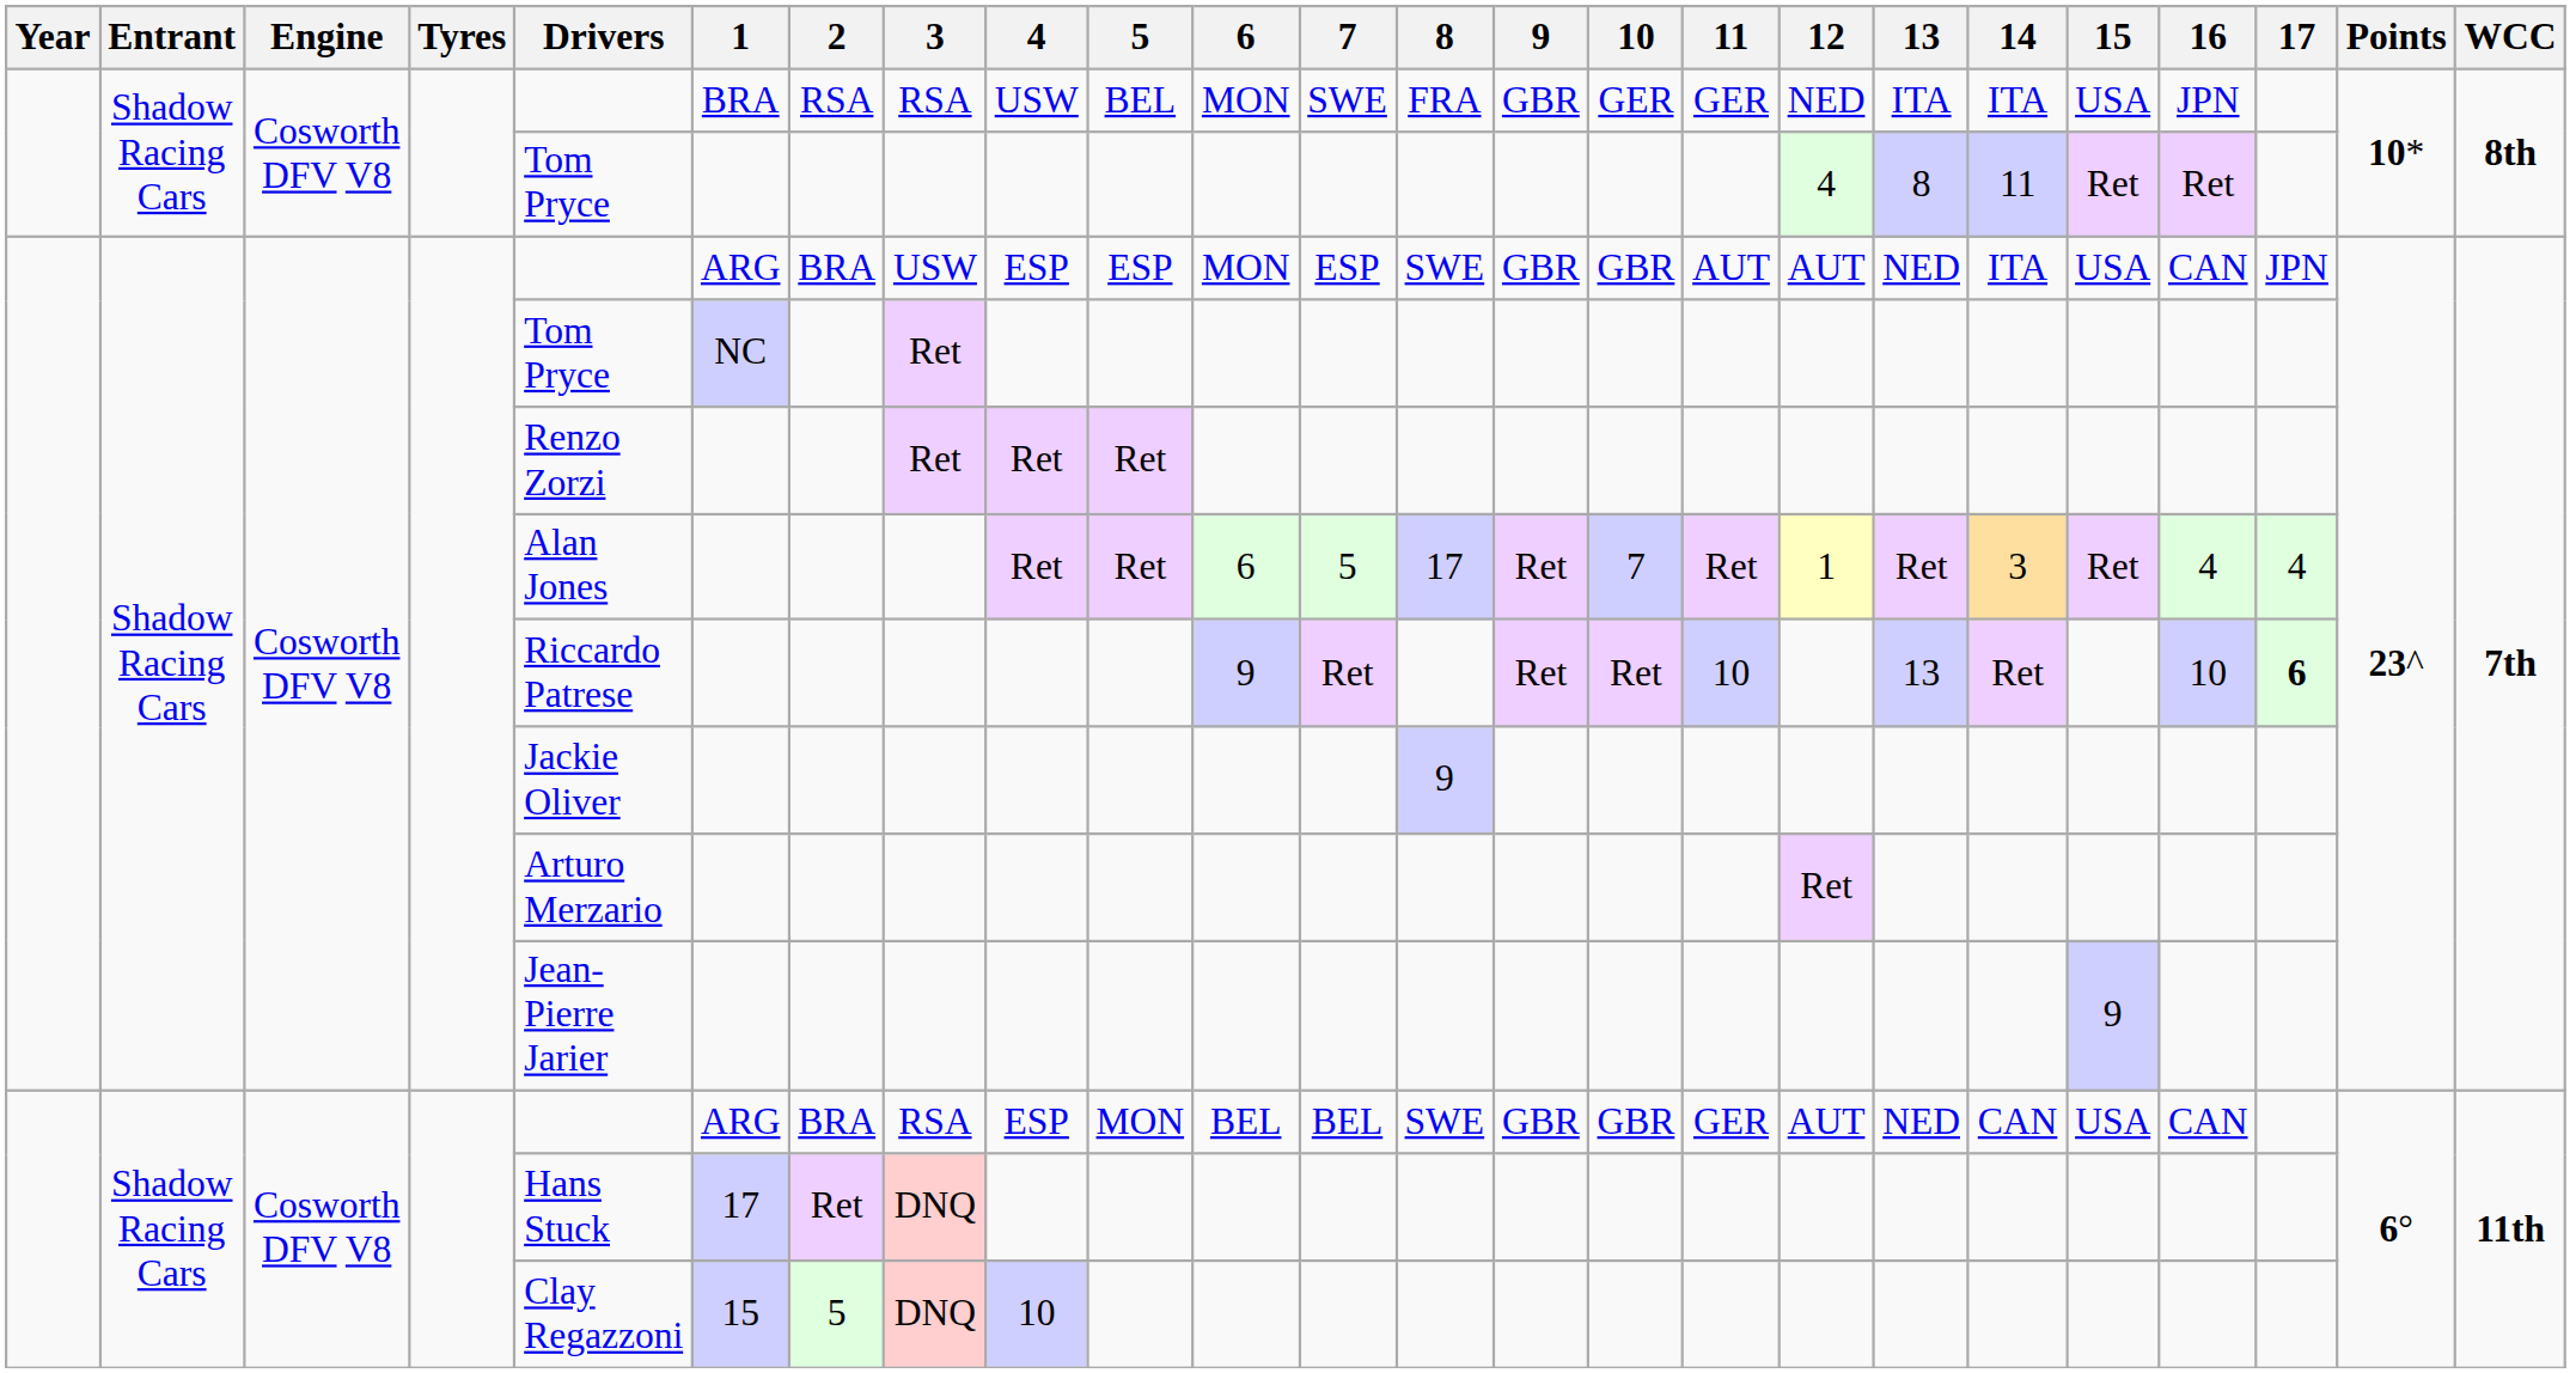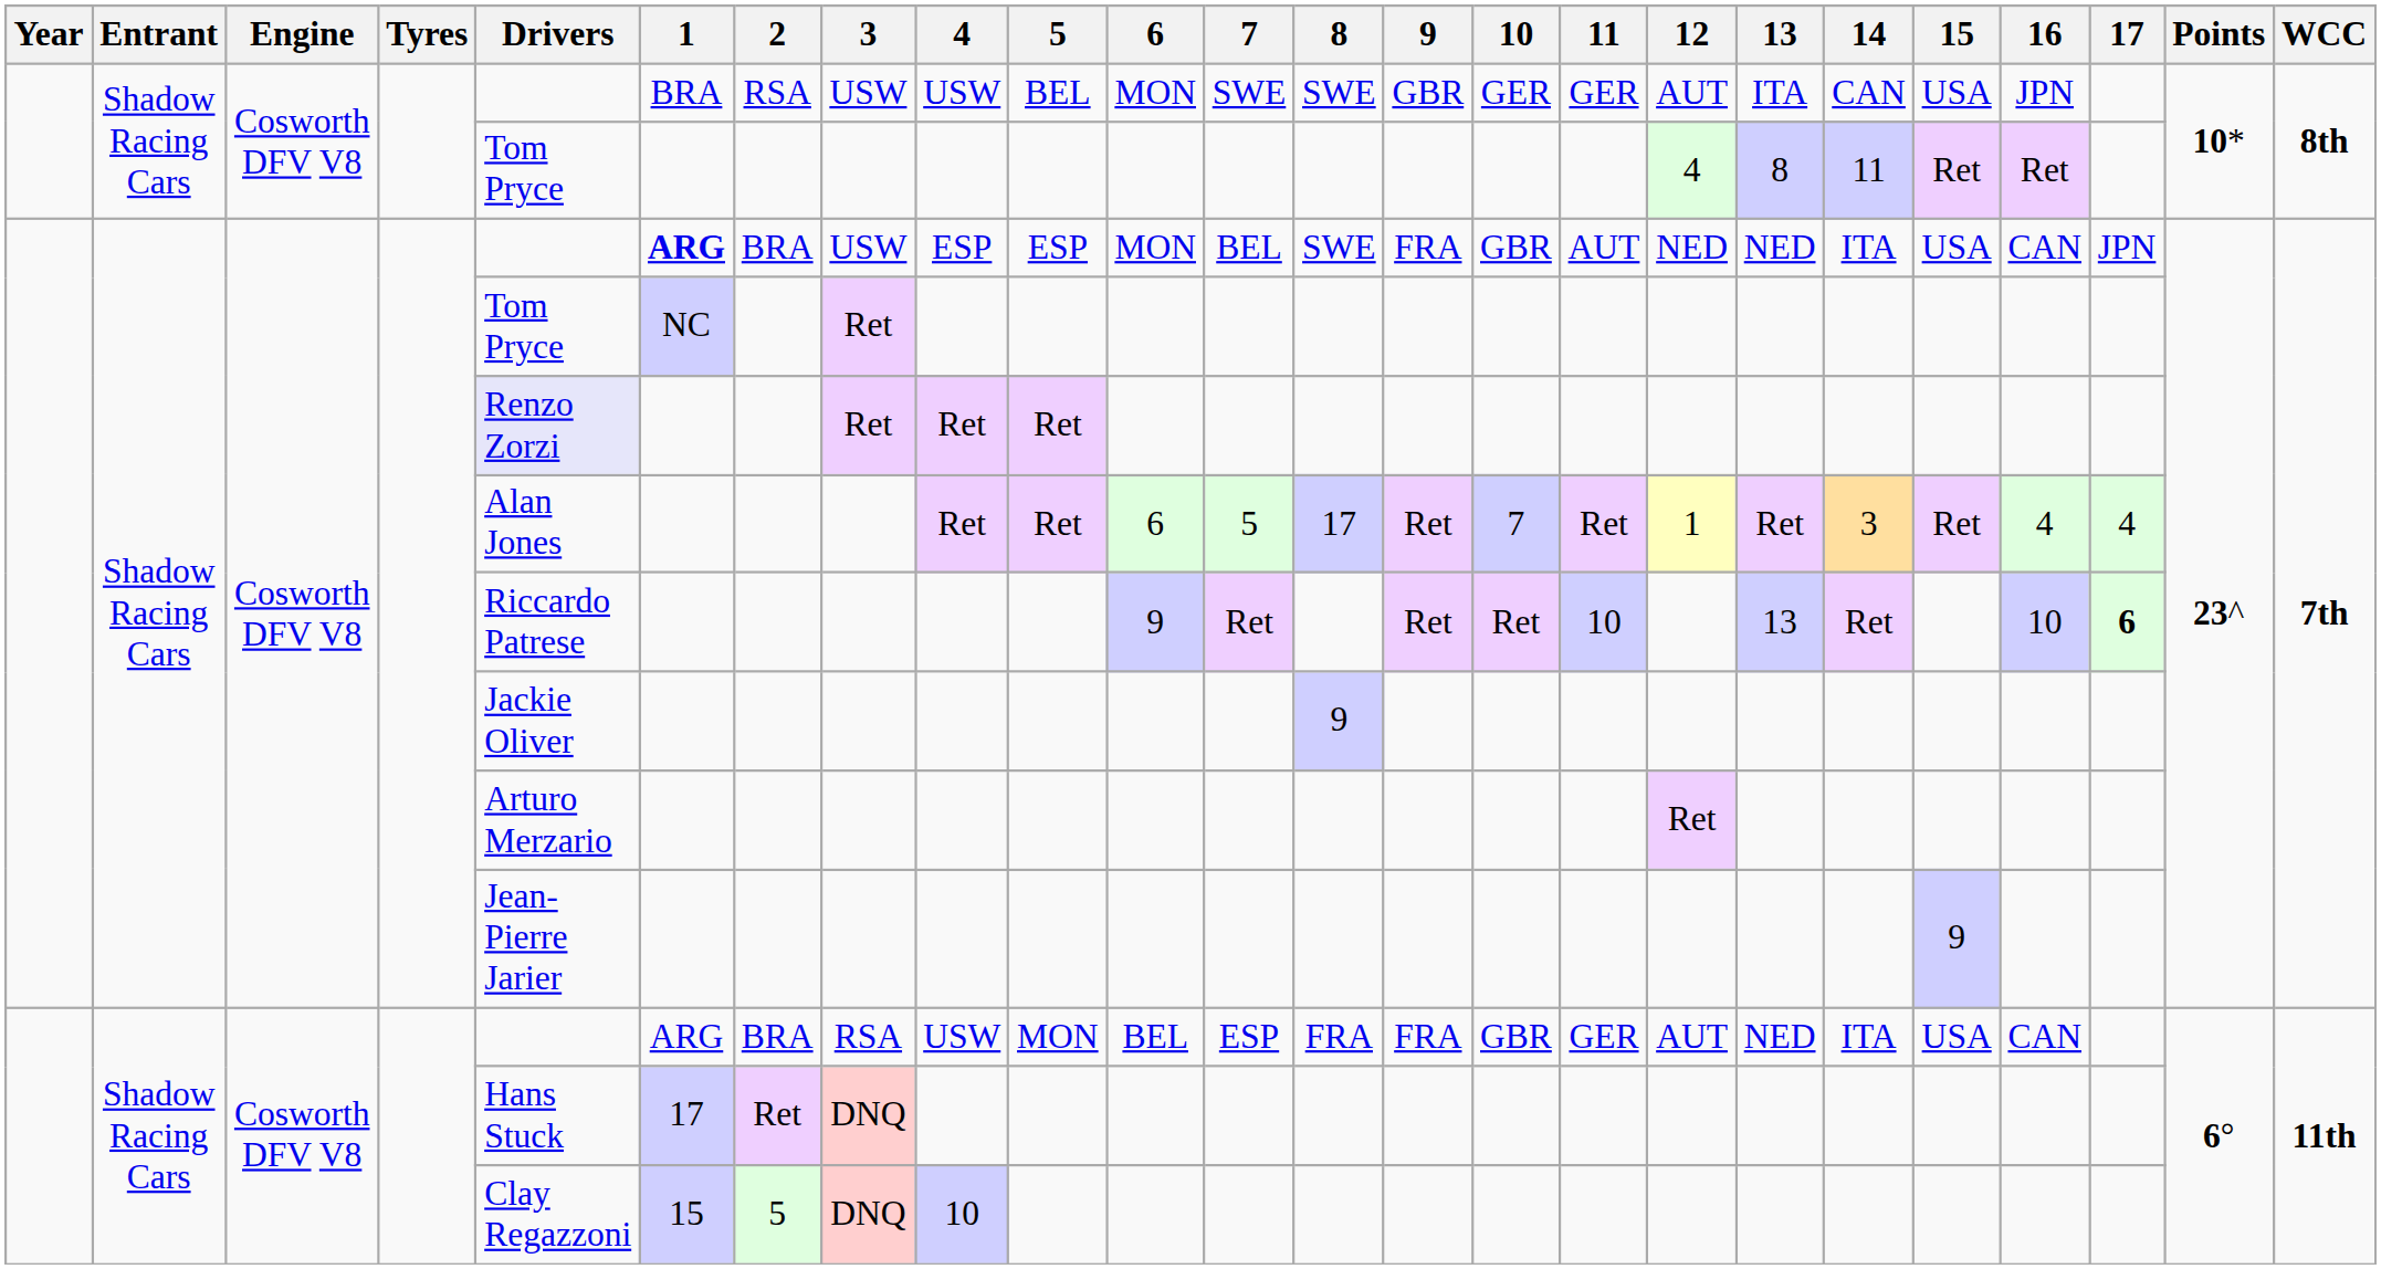 <table class="wikitable" style="text-align:center; font-size:90%">
 <tr>
 <th>Year</th>
 <th>Entrant</th>
 <th>Engine</th>
 <th>Tyres</th>
 <th>Drivers</th>
 <th>1</th>
 <th>2</th>
 <th>3</th>
 <th>4</th>
 <th>5</th>
 <th>6</th>
 <th>7</th>
 <th>8</th>
 <th>9</th>
 <th>10</th>
 <th>11</th>
 <th>12</th>
 <th>13</th>
 <th>14</th>
 <th>15</th>
 <th>16</th>
 <th>17</th>
 <th>Points</th>
 <th>WCC</th>
 </tr>
 <tr>
 <td rowspan="2"></td>
 <td rowspan="2"><a href='#'>Shadow Racing Cars</a></td>
 <td rowspan="2"><a href='#'>Cosworth DFV</a> <a href='#'>V8</a></td>
 <td rowspan="2"></td>
 <td></td>
 <td><a href='#'>BRA</a></td>
 <td><a href='#'>RSA</a></td>
-<td><a href='#'>RSA</a></td>
+<td><a href='#'>USW</a></td>
 <td><a href='#'>USW</a></td>
 <td><a href='#'>BEL</a></td>
 <td><a href='#'>MON</a></td>
 <td><a href='#'>SWE</a></td>
-<td><a href='#'>FRA</a></td>
+<td><a href='#'>SWE</a></td>
 <td><a href='#'>GBR</a></td>
 <td><a href='#'>GER</a></td>
 <td><a href='#'>GER</a></td>
-<td><a href='#'>NED</a></td>
+<td><a href='#'>AUT</a></td>
 <td><a href='#'>ITA</a></td>
-<td><a href='#'>ITA</a></td>
+<td><a href='#'>CAN</a></td>
 <td><a href='#'>USA</a></td>
 <td><a href='#'>JPN</a></td>
 <td></td>
 <td rowspan="2"><strong>10</strong>*</td>
 <td rowspan="2"><strong>8th</strong></td>
 </tr>
 <tr>
 <td align="left"><a href='#'>Tom Pryce</a></td>
 <td></td>
 <td></td>
 <td></td>
 <td></td>
 <td></td>
 <td></td>
 <td></td>
 <td></td>
 <td></td>
 <td></td>
 <td></td>
 <td style="background:#dfffdf;">4</td>
 <td style="background:#cfcfff;">8</td>
 <td style="background:#cfcfff;">11</td>
 <td style="background:#efcfff;">Ret</td>
 <td style="background:#efcfff;">Ret</td>
 <td></td>
 </tr>
 <tr>
 <td rowspan="8"></td>
 <td rowspan="8"><a href='#'>Shadow Racing Cars</a></td>
 <td rowspan="8"><a href='#'>Cosworth DFV</a> <a href='#'>V8</a></td>
 <td rowspan="8"></td>
 <td></td>
-<td><a href='#'>ARG</a></td>
+<td><strong><a href='#'>ARG</a></strong></td>
 <td><a href='#'>BRA</a></td>
 <td><a href='#'>USW</a></td>
 <td><a href='#'>ESP</a></td>
 <td><a href='#'>ESP</a></td>
 <td><a href='#'>MON</a></td>
-<td><a href='#'>ESP</a></td>
+<td><a href='#'>BEL</a></td>
 <td><a href='#'>SWE</a></td>
-<td><a href='#'>GBR</a></td>
+<td><a href='#'>FRA</a></td>
 <td><a href='#'>GBR</a></td>
 <td><a href='#'>AUT</a></td>
-<td><a href='#'>AUT</a></td>
+<td><a href='#'>NED</a></td>
 <td><a href='#'>NED</a></td>
 <td><a href='#'>ITA</a></td>
 <td><a href='#'>USA</a></td>
 <td><a href='#'>CAN</a></td>
 <td><a href='#'>JPN</a></td>
 <td rowspan="8"><strong>23</strong>^</td>
 <td rowspan="8"><strong>7th</strong></td>
 </tr>
 <tr>
 <td align="left"><a href='#'>Tom Pryce</a></td>
 <td style="background:#cfcfff;">NC</td>
 <td></td>
 <td style="background:#efcfff;">Ret</td>
 <td></td>
 <td></td>
 <td></td>
 <td></td>
 <td></td>
 <td></td>
 <td></td>
 <td></td>
 <td></td>
 <td></td>
 <td></td>
 <td></td>
 <td></td>
 <td></td>
 </tr>
 <tr>
-<td align="left"><a href='#'>Renzo Zorzi</a></td>
+<td align="left" style="background: lavender;"><a href='#'>Renzo Zorzi</a></td>
 <td></td>
 <td></td>
 <td style="background:#efcfff;">Ret</td>
 <td style="background:#efcfff;">Ret</td>
 <td style="background:#efcfff;">Ret</td>
 <td></td>
 <td></td>
 <td></td>
 <td></td>
 <td></td>
 <td></td>
 <td></td>
 <td></td>
 <td></td>
 <td></td>
 <td></td>
 <td></td>
 </tr>
 <tr>
 <td align="left"><a href='#'>Alan Jones</a></td>
 <td></td>
 <td></td>
 <td></td>
 <td style="background:#efcfff;">Ret</td>
 <td style="background:#efcfff;">Ret</td>
 <td style="background:#dfffdf;">6</td>
 <td style="background:#dfffdf;">5</td>
 <td style="background:#cfcfff;">17</td>
 <td style="background:#efcfff;">Ret</td>
 <td style="background:#cfcfff;">7</td>
 <td style="background:#efcfff;">Ret</td>
 <td style="background:#FFFFBF;">1</td>
 <td style="background:#efcfff;">Ret</td>
 <td style="background:#FFDF9F;">3</td>
 <td style="background:#efcfff;">Ret</td>
 <td style="background:#dfffdf;">4</td>
 <td style="background:#dfffdf;">4</td>
 </tr>
 <tr>
 <td align="left"><a href='#'>Riccardo Patrese</a></td>
 <td></td>
 <td></td>
 <td></td>
 <td></td>
 <td></td>
 <td style="background:#cfcfff;">9</td>
 <td style="background:#efcfff;">Ret</td>
 <td></td>
 <td style="background:#efcfff;">Ret</td>
 <td style="background:#efcfff;">Ret</td>
 <td style="background:#cfcfff;">10</td>
 <td></td>
 <td style="background:#cfcfff;">13</td>
 <td style="background:#efcfff;">Ret</td>
 <td></td>
 <td style="background:#cfcfff;">10</td>
 <td style="background:#dfffdf;"><strong>6</strong></td>
 </tr>
 <tr>
 <td align="left"><a href='#'>Jackie Oliver</a></td>
 <td></td>
 <td></td>
 <td></td>
 <td></td>
 <td></td>
 <td></td>
 <td></td>
 <td style="background:#cfcfff;">9</td>
 <td></td>
 <td></td>
 <td></td>
 <td></td>
 <td></td>
 <td></td>
 <td></td>
 <td></td>
 <td></td>
 </tr>
 <tr>
 <td align="left"><a href='#'>Arturo Merzario</a></td>
 <td></td>
 <td></td>
 <td></td>
 <td></td>
 <td></td>
 <td></td>
 <td></td>
 <td></td>
 <td></td>
 <td></td>
 <td></td>
 <td style="background:#efcfff;">Ret</td>
 <td></td>
 <td></td>
 <td></td>
 <td></td>
 <td></td>
 </tr>
 <tr>
 <td align="left"><a href='#'>Jean-Pierre Jarier</a></td>
 <td></td>
 <td></td>
 <td></td>
 <td></td>
 <td></td>
 <td></td>
 <td></td>
 <td></td>
 <td></td>
 <td></td>
 <td></td>
 <td></td>
 <td></td>
 <td></td>
 <td style="background:#cfcfff;">9</td>
 <td></td>
 <td></td>
 </tr>
 <tr>
 <td rowspan="3"></td>
 <td rowspan="3"><a href='#'>Shadow Racing Cars</a></td>
 <td rowspan="3"><a href='#'>Cosworth DFV</a> <a href='#'>V8</a></td>
 <td rowspan="3"></td>
 <td></td>
 <td><a href='#'>ARG</a></td>
 <td><a href='#'>BRA</a></td>
 <td><a href='#'>RSA</a></td>
-<td><a href='#'>ESP</a></td>
+<td><a href='#'>USW</a></td>
 <td><a href='#'>MON</a></td>
 <td><a href='#'>BEL</a></td>
-<td><a href='#'>BEL</a></td>
-<td><a href='#'>SWE</a></td>
-<td><a href='#'>GBR</a></td>
+<td><a href='#'>ESP</a></td>
+<td><a href='#'>FRA</a></td>
+<td><a href='#'>FRA</a></td>
 <td><a href='#'>GBR</a></td>
 <td><a href='#'>GER</a></td>
 <td><a href='#'>AUT</a></td>
 <td><a href='#'>NED</a></td>
-<td><a href='#'>CAN</a></td>
+<td><a href='#'>ITA</a></td>
 <td><a href='#'>USA</a></td>
 <td><a href='#'>CAN</a></td>
 <td></td>
 <td rowspan="3"><strong>6</strong>°</td>
 <td rowspan="3"><strong>11th</strong></td>
 </tr>
 <tr>
 <td align="left"><a href='#'>Hans Stuck</a></td>
 <td style="background:#cfcfff;">17</td>
 <td style="background:#efcfff;">Ret</td>
 <td style="background:#FFCFCF;">DNQ</td>
 <td></td>
 <td></td>
 <td></td>
 <td></td>
 <td></td>
 <td></td>
 <td></td>
 <td></td>
 <td></td>
 <td></td>
 <td></td>
 <td></td>
 <td></td>
 <td></td>
 </tr>
 <tr>
 <td align="left"><a href='#'>Clay Regazzoni</a></td>
 <td style="background:#cfcfff;">15</td>
 <td style="background:#dfffdf;">5</td>
 <td style="background:#FFCFCF;">DNQ</td>
 <td style="background:#cfcfff;">10</td>
 <td></td>
 <td></td>
 <td></td>
 <td></td>
 <td></td>
 <td></td>
 <td></td>
 <td></td>
 <td></td>
 <td></td>
 <td></td>
 <td></td>
 <td></td>
 </tr>
 <tr>
 </tr>
 </table>
